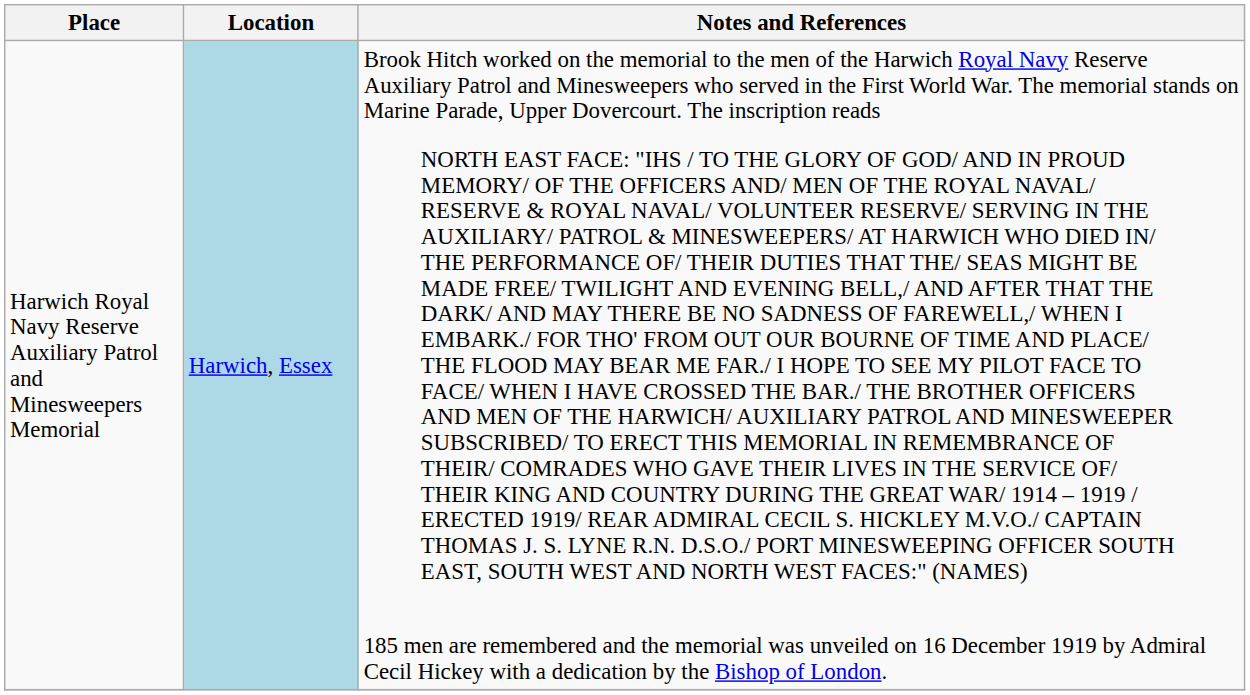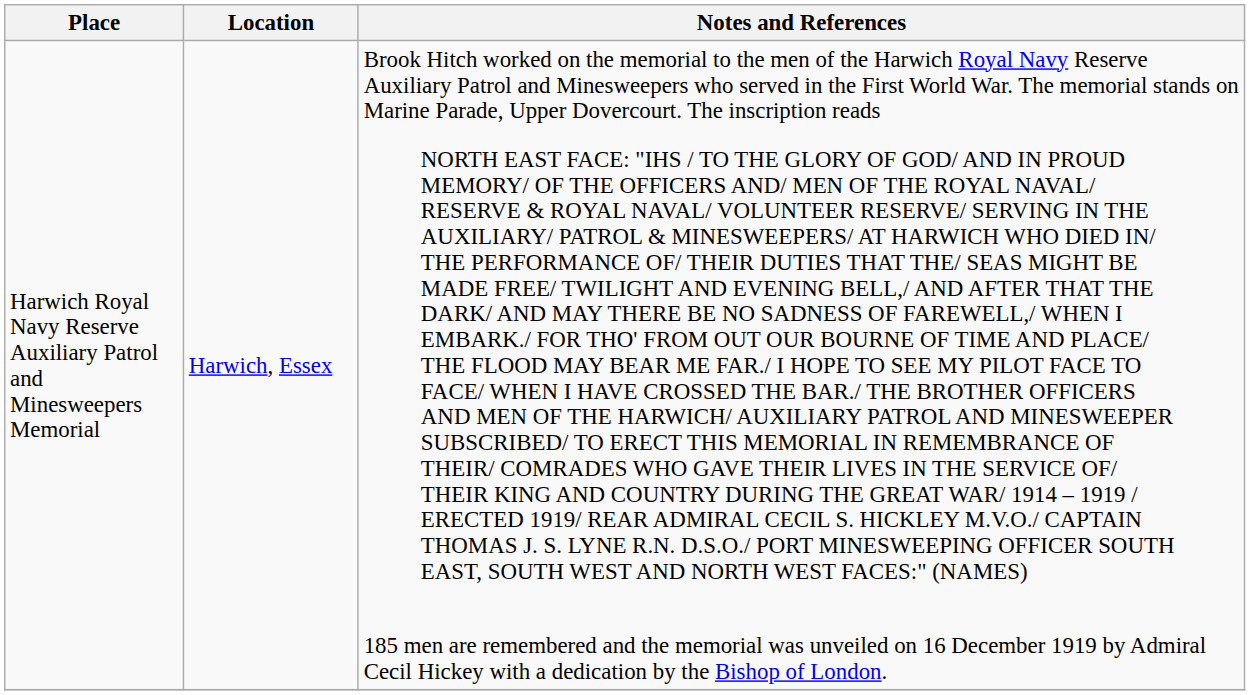 <table class="wikitable sortable">
 <tr>
 <th style="width:120px">Place</th>
 <th style="width:120px">Location</th>
 <th style="width:650px" class="unsortable">Notes and References</th>
 </tr>
 <tr>
 <td>Harwich Royal Navy Reserve Auxiliary Patrol and Minesweepers Memorial</td>
-<td style="background: lightblue;"><a href='#'>Harwich</a>, <a href='#'>Essex</a></td>
+<td><a href='#'>Harwich</a>, <a href='#'>Essex</a></td>
 <td>Brook Hitch worked on the memorial to the men of the Harwich <a href='#'>Royal Navy</a> Reserve Auxiliary Patrol and Minesweepers who served in the First World War. The memorial stands on Marine Parade, Upper Dovercourt. The inscription reads<br><blockquote>NORTH EAST FACE: "IHS / TO THE GLORY OF GOD/ AND IN PROUD MEMORY/ OF THE OFFICERS AND/ MEN OF THE ROYAL NAVAL/ RESERVE & ROYAL NAVAL/ VOLUNTEER RESERVE/ SERVING IN THE AUXILIARY/ PATROL & MINESWEEPERS/ AT HARWICH WHO DIED IN/ THE PERFORMANCE OF/ THEIR DUTIES THAT THE/ SEAS MIGHT BE MADE FREE/ TWILIGHT AND EVENING BELL,/ AND AFTER THAT THE DARK/ AND MAY THERE BE NO SADNESS OF FAREWELL,/ WHEN I EMBARK./ FOR THO' FROM OUT OUR BOURNE OF TIME AND PLACE/ THE FLOOD MAY BEAR ME FAR./ I HOPE TO SEE MY PILOT FACE TO FACE/ WHEN I HAVE CROSSED THE BAR./ THE BROTHER OFFICERS AND MEN OF THE HARWICH/ AUXILIARY PATROL AND MINESWEEPER SUBSCRIBED/ TO ERECT THIS MEMORIAL IN REMEMBRANCE OF THEIR/ COMRADES WHO GAVE THEIR LIVES IN THE SERVICE OF/ THEIR KING AND COUNTRY DURING THE GREAT WAR/ 1914 – 1919 / ERECTED 1919/ REAR ADMIRAL CECIL S. HICKLEY M.V.O./ CAPTAIN THOMAS J. S. LYNE R.N. D.S.O./ PORT MINESWEEPING OFFICER SOUTH EAST, SOUTH WEST AND NORTH WEST FACES:" (NAMES)</blockquote><br>185 men are remembered and the memorial was unveiled on 16 December 1919 by Admiral Cecil Hickey with a dedication by the <a href='#'>Bishop of London</a>.</td>
 </tr>
 <tr>
 </tr>
 </table>
